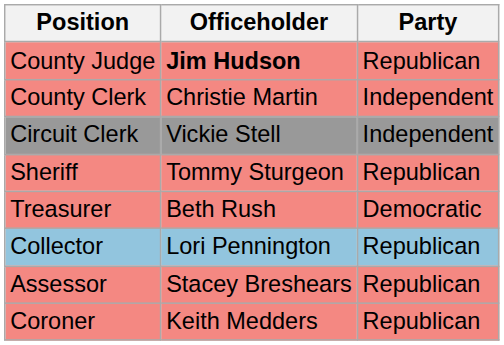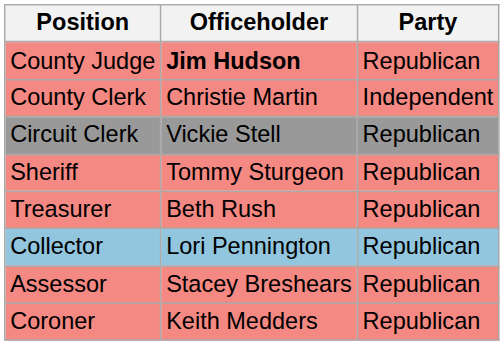 <table class="wikitable">
 <tr>
 <th>Position</th>
 <th>Officeholder</th>
 <th>Party</th>
 </tr>
 <tr style="background-color:#F48882;">
 <td>County Judge</td>
 <td><strong>Jim Hudson</strong></td>
 <td>Republican</td>
 </tr>
 <tr style="background-color:#F48882;">
 <td>County Clerk</td>
 <td>Christie Martin</td>
 <td>Independent</td>
 </tr>
 <tr style="background-color:#999999;">
 <td>Circuit Clerk</td>
 <td>Vickie Stell</td>
-<td>Independent</td>
+<td>Republican</td>
 </tr>
 <tr style="background-color:#F48882;">
 <td>Sheriff</td>
 <td>Tommy Sturgeon</td>
 <td>Republican</td>
 </tr>
 <tr style="background-color:#F48882;">
 <td>Treasurer</td>
 <td>Beth Rush</td>
-<td>Democratic</td>
+<td>Republican</td>
 </tr>
 <tr style="background-color:#92C5DE;">
 <td>Collector</td>
 <td>Lori Pennington</td>
 <td>Republican</td>
 </tr>
 <tr style="background-color:#F48882;">
 <td>Assessor</td>
 <td>Stacey Breshears</td>
 <td>Republican</td>
 </tr>
 <tr style="background-color:#F48882;">
 <td>Coroner</td>
 <td>Keith Medders</td>
 <td>Republican</td>
 </tr>
 </table>
